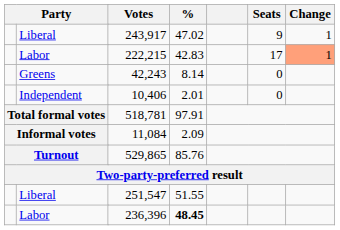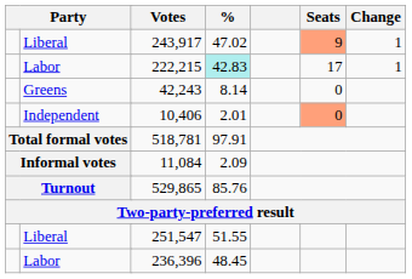 <table class="wikitable" style="text-align:right; margin-bottom:0">
 <tr>
 <th style="width:10px" colspan=3>Party</th>
 <th style="width:70px;">Votes</th>
 <th style="width:40px;">%</th>
 <th style="width:40px;"></th>
 <th style="width:40px;">Seats</th>
 <th style="width:40px;">Change</th>
 </tr>
 <tr>
 <td> </td>
 <td style="text-align:left;" colspan="2"><a href='#'>Liberal</a></td>
 <td style="width:70px;">243,917</td>
 <td style="width:40px;">47.02</td>
 <td style="width:45px;"></td>
-<td style="width:40px;">9</td>
+<td style="background: lightsalmon; width:40px;">9</td>
 <td style="width:55px;"> 1</td>
 </tr>
 <tr>
 <td> </td>
 <td style="text-align:left;" colspan="2"><a href='#'>Labor</a></td>
 <td style="width:70px;">222,215</td>
-<td style="width:40px;">42.83</td>
+<td style="background: paleturquoise; width:40px;">42.83</td>
 <td style="width:45px;"></td>
 <td style="width:40px;">17</td>
-<td style="background: lightsalmon; width:55px;"> 1</td>
+<td style="width:55px;"> 1</td>
 </tr>
 <tr>
 <td> </td>
 <td style="text-align:left;" colspan="2"><a href='#'>Greens</a></td>
 <td style="width:70px;">42,243</td>
 <td style="width:40px;">8.14</td>
 <td style="width:45px;"></td>
 <td style="width:40px;">0</td>
 <td style="width:55px;"></td>
 </tr>
 <tr>
 <td> </td>
 <td style="text-align:left;" colspan="2"><a href='#'>Independent</a></td>
 <td style="width:70px;">10,406</td>
 <td style="width:40px;">2.01</td>
 <td style="width:45px;"></td>
-<td style="width:40px;">0</td>
+<td style="background: lightsalmon; width:40px;">0</td>
 <td style="width:55px;"></td>
 </tr>
 <tr>
 <th colspan="3">Total formal votes</th>
 <td style="width:70px;">518,781</td>
 <td style="width:40px;">97.91</td>
 <td colspan="3"></td>
 </tr>
 <tr>
 <th colspan="3">Informal votes</th>
 <td style="width:70px;">11,084</td>
 <td style="width:40px;">2.09</td>
 <td colspan="3"></td>
 </tr>
 <tr>
 <th colspan="3"><a href='#'>Turnout</a></th>
 <td style="width:70px;">529,865</td>
 <td style="width:40px;">85.76</td>
 <td colspan="3"></td>
 </tr>
 <tr>
 <th colspan="8"><a href='#'>Two-party-preferred</a> result</th>
 </tr>
 <tr>
 <td> </td>
 <td style="text-align:left;" colspan="2"><a href='#'>Liberal</a></td>
 <td style="width:70px;">251,547</td>
 <td style="width:40px;">51.55</td>
 <td style="width:45px;"></td>
 <td style="width:40px;"></td>
 <td style="width:55px;"></td>
 </tr>
 <tr>
 <td> </td>
 <td style="text-align:left;" colspan="2"><a href='#'>Labor</a></td>
 <td style="width:70px;">236,396</td>
-<td style="width:40px;"><strong>48.45</strong></td>
+<td style="width:40px;">48.45</td>
 <td style="width:45px;"></td>
 <td style="width:40px;"></td>
 <td style="width:55px;"></td>
 </tr>
 </table>
